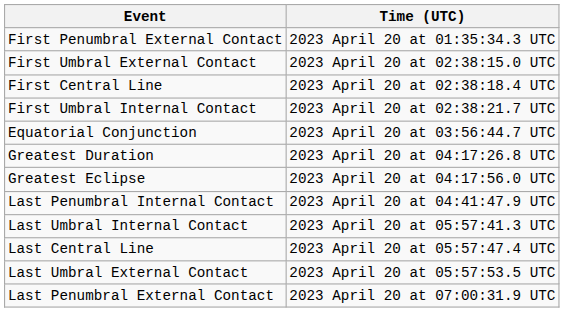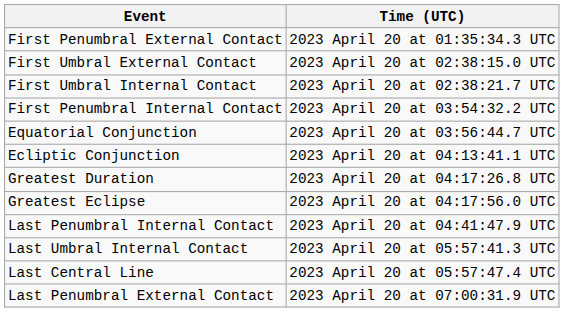 <table class="wikitable">
 <tr>
 <th>Event</th>
 <th>Time (UTC)</th>
 </tr>
 <tr>
 <td>First Penumbral External Contact</td>
 <td>2023 April 20 at 01:35:34.3 UTC</td>
 </tr>
 <tr>
 <td>First Umbral External Contact</td>
 <td>2023 April 20 at 02:38:15.0 UTC</td>
 </tr>
 <tr>
-<td>First Central Line</td>
-<td>2023 April 20 at 02:38:18.4 UTC</td>
-</tr>
-<tr>
 <td>First Umbral Internal Contact</td>
 <td>2023 April 20 at 02:38:21.7 UTC</td>
 </tr>
 <tr>
+<td>First Penumbral Internal Contact</td>
+<td>2023 April 20 at 03:54:32.2 UTC</td>
+</tr>
+<tr>
 <td>Equatorial Conjunction</td>
 <td>2023 April 20 at 03:56:44.7 UTC</td>
+</tr>
+<tr>
+<td>Ecliptic Conjunction</td>
+<td>2023 April 20 at 04:13:41.1 UTC</td>
 </tr>
 <tr>
 <td>Greatest Duration</td>
 <td>2023 April 20 at 04:17:26.8 UTC</td>
 </tr>
 <tr>
 <td>Greatest Eclipse</td>
 <td>2023 April 20 at 04:17:56.0 UTC</td>
 </tr>
 <tr>
 <td>Last Penumbral Internal Contact</td>
 <td>2023 April 20 at 04:41:47.9 UTC</td>
 </tr>
 <tr>
 <td>Last Umbral Internal Contact</td>
 <td>2023 April 20 at 05:57:41.3 UTC</td>
 </tr>
 <tr>
 <td>Last Central Line</td>
 <td>2023 April 20 at 05:57:47.4 UTC</td>
 </tr>
 <tr>
-<td>Last Umbral External Contact</td>
-<td>2023 April 20 at 05:57:53.5 UTC</td>
-</tr>
-<tr>
 <td>Last Penumbral External Contact</td>
 <td>2023 April 20 at 07:00:31.9 UTC</td>
 </tr>
 </table>
